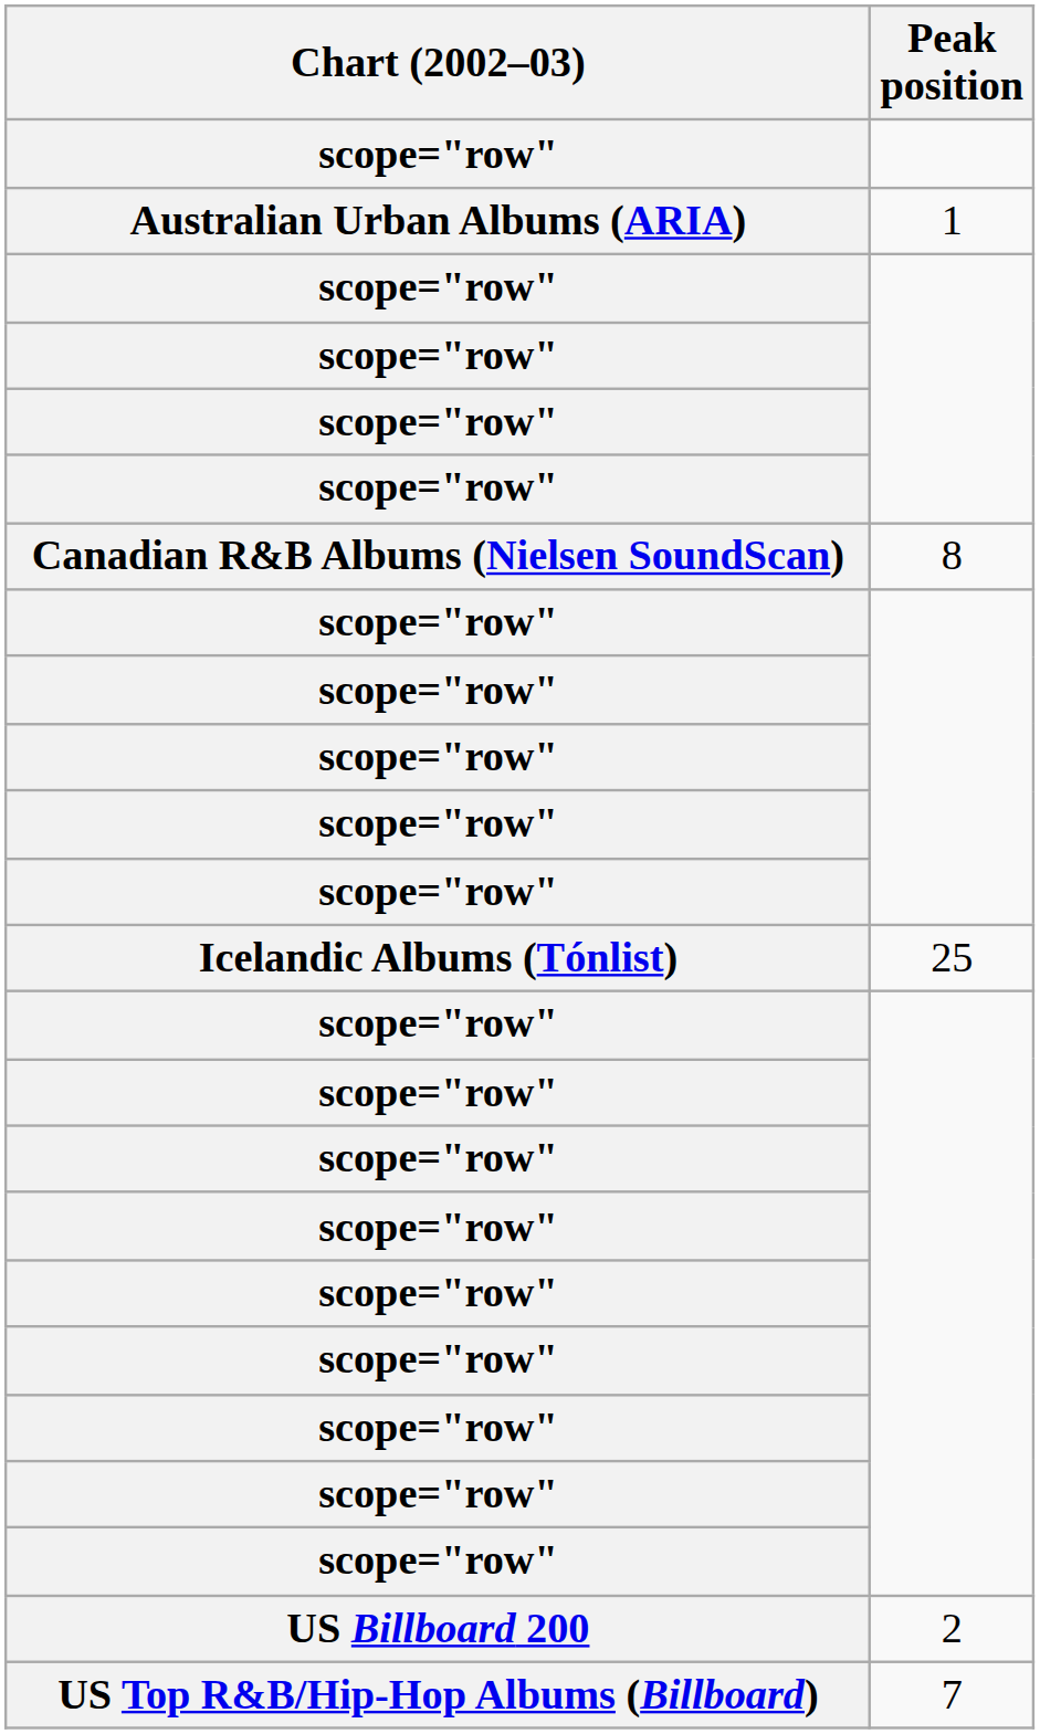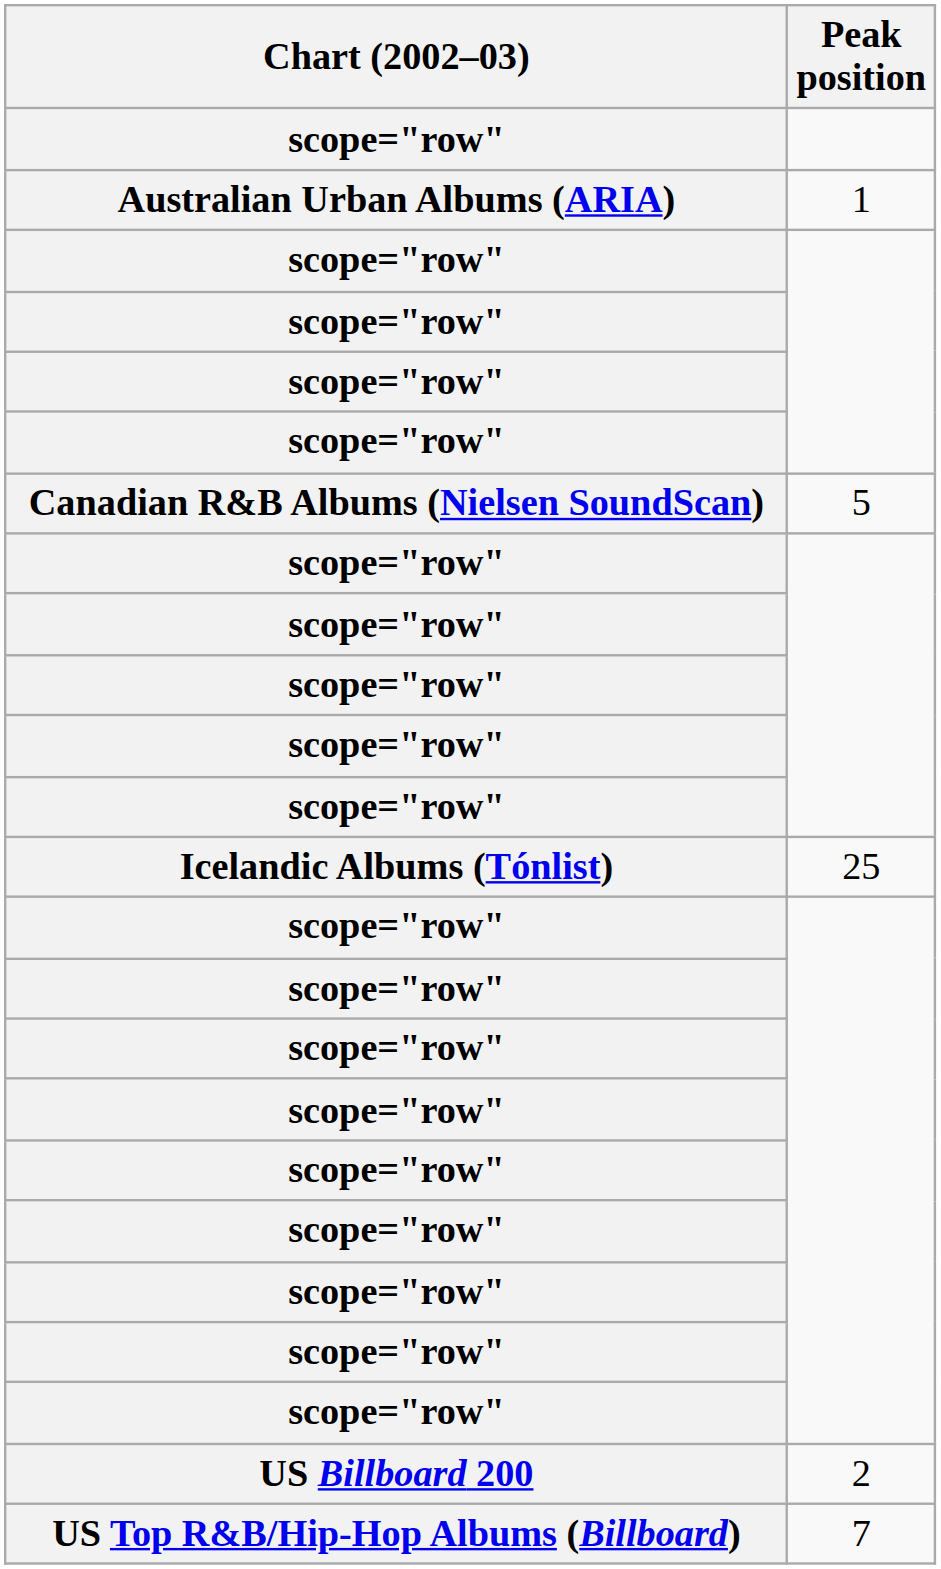 <table class="wikitable plainrowheaders sortable" style="text-align:center;">
 <tr>
 <th scope="col" style="width:20em;">Chart (2002–03)</th>
 <th scope="col">Peak<br>position</th>
 </tr>
 <tr>
 <th>scope="row" </th>
 </tr>
 <tr>
 <th scope="row">Australian Urban Albums (<a href='#'>ARIA</a>)</th>
 <td>1</td>
 </tr>
 <tr>
 <th>scope="row" </th>
 </tr>
 <tr>
 <th>scope="row" </th>
 </tr>
 <tr>
 <th>scope="row" </th>
 </tr>
 <tr>
 <th>scope="row" </th>
 </tr>
 <tr>
 <th scope="row">Canadian R&B Albums (<a href='#'>Nielsen SoundScan</a>)</th>
-<td style="text-align:center;">8</td>
+<td style="text-align:center;">5</td>
 </tr>
 <tr>
 <th>scope="row" </th>
 </tr>
 <tr>
 <th>scope="row" </th>
 </tr>
 <tr>
 <th>scope="row" </th>
 </tr>
 <tr>
 <th>scope="row" </th>
 </tr>
 <tr>
 <th>scope="row" </th>
 </tr>
 <tr>
 <th scope="row">Icelandic Albums (<a href='#'>Tónlist</a>)</th>
 <td>25</td>
 </tr>
 <tr>
 <th>scope="row" </th>
 </tr>
 <tr>
 <th>scope="row" </th>
 </tr>
 <tr>
 <th>scope="row" </th>
 </tr>
 <tr>
 <th>scope="row" </th>
 </tr>
 <tr>
 <th>scope="row" </th>
 </tr>
 <tr>
 <th>scope="row" </th>
 </tr>
 <tr>
 <th>scope="row" </th>
 </tr>
 <tr>
 <th>scope="row" </th>
 </tr>
 <tr>
 <th>scope="row" </th>
 </tr>
 <tr>
 <th scope="row">US <a href='#'><em>Billboard</em> 200</a></th>
 <td>2</td>
 </tr>
 <tr>
 <th scope="row">US <a href='#'>Top R&B/Hip-Hop Albums</a> (<em><a href='#'>Billboard</a></em>)</th>
 <td>7</td>
 </tr>
 </table>
